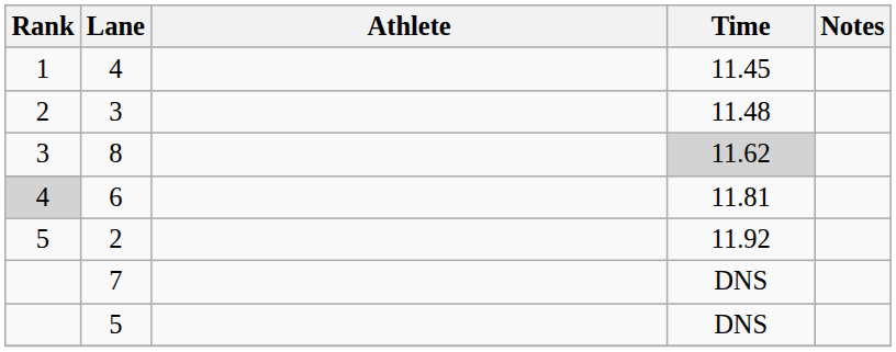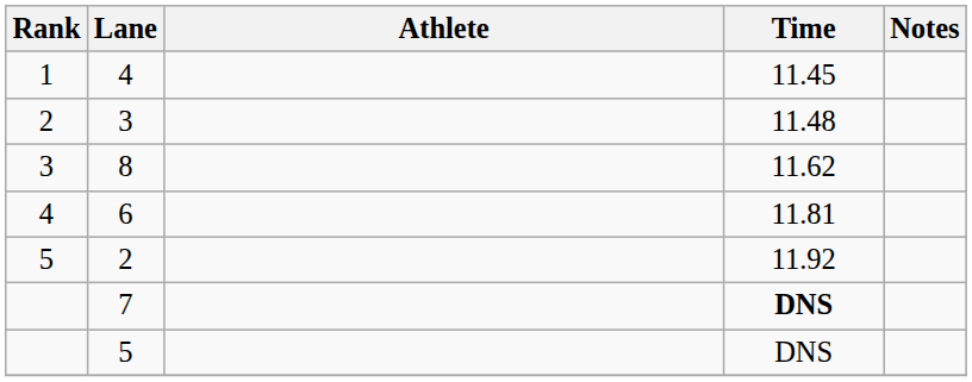 <table class="wikitable" style="text-align:center">
 <tr>
 <th>Rank</th>
 <th>Lane</th>
 <th width=300>Athlete</th>
 <th width=80>Time</th>
 <th>Notes</th>
 </tr>
 <tr>
 <td>1</td>
 <td>4</td>
 <td align=left></td>
 <td>11.45</td>
 <td></td>
 </tr>
 <tr>
 <td>2</td>
 <td>3</td>
 <td align=left></td>
 <td>11.48</td>
 <td></td>
 </tr>
 <tr>
 <td>3</td>
 <td>8</td>
 <td align=left></td>
-<td style="background: lightgrey;">11.62</td>
+<td>11.62</td>
 <td></td>
 </tr>
 <tr>
-<td style="background: lightgrey;">4</td>
+<td>4</td>
 <td>6</td>
 <td align=left></td>
 <td>11.81</td>
 <td></td>
 </tr>
 <tr>
 <td>5</td>
 <td>2</td>
 <td align=left></td>
 <td>11.92</td>
 <td></td>
 </tr>
 <tr>
 <td></td>
 <td>7</td>
 <td align=left></td>
-<td>DNS</td>
+<td><strong>DNS</strong></td>
 <td></td>
 </tr>
 <tr>
 <td></td>
 <td>5</td>
 <td align=left></td>
 <td>DNS</td>
 <td></td>
 </tr>
 <tr>
 </tr>
 </table>
